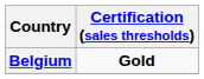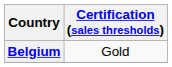 <table class="wikitable sortable plainrowheaders" style="text-align:center">
 <tr>
 <th>Country</th>
 <th><a href='#'>Certification</a><br>(<small><a href='#'>sales thresholds</a></small>)</th>
 </tr>
 <tr>
 <th scope="row"><a href='#'>Belgium</a></th>
-<td><strong>Gold</strong></td>
+<td>Gold</td>
 </tr>
 <tr>
 </tr>
 </table>
